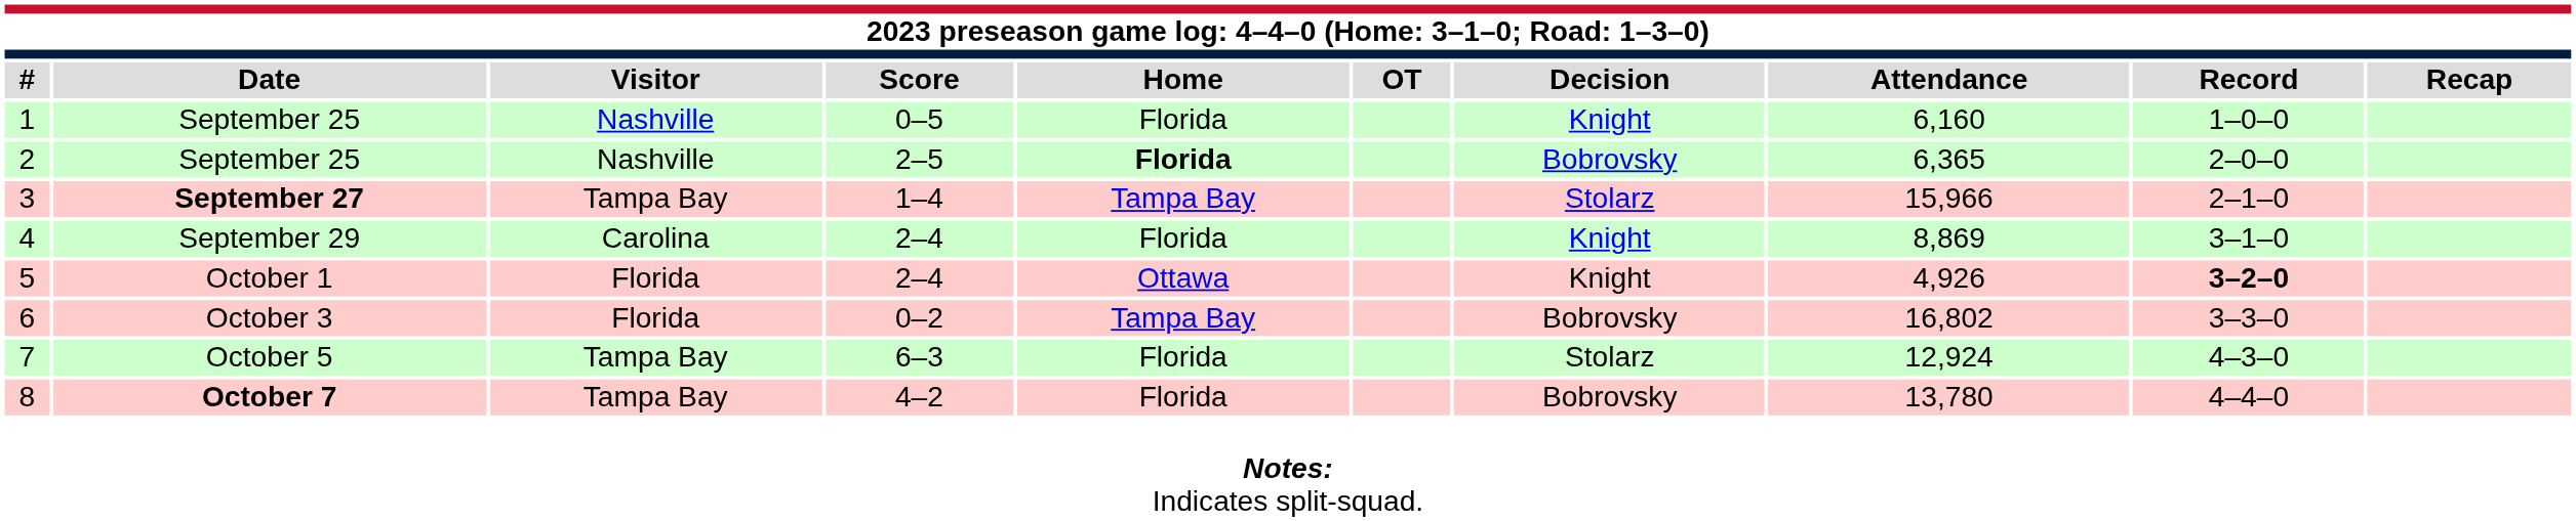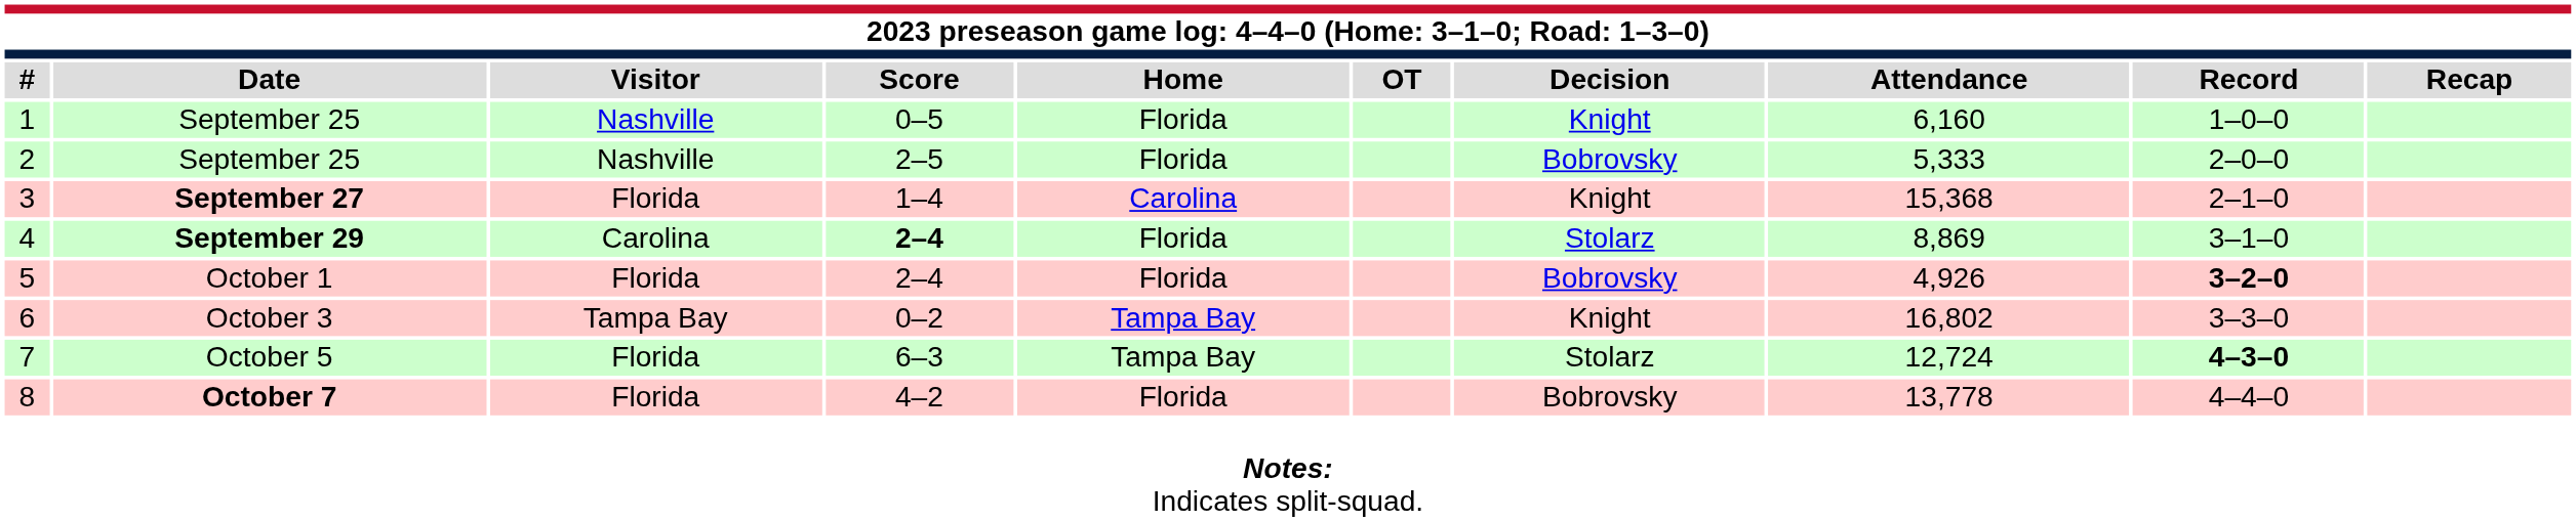 <table class="toccolours collapsible collapsed" style="width:90%; clear:both; margin:1.5em auto; text-align:center;">
 <tr>
 <th colspan="10" style="background:#FFFFFF; border-top:#C8102E 5px solid; border-bottom:#041E42 5px solid;">2023 preseason game log: 4–4–0 (Home: 3–1–0; Road: 1–3–0)</th>
 </tr>
 <tr style="background:#ddd;">
 <th>#</th>
 <th>Date</th>
 <th>Visitor</th>
 <th>Score</th>
 <th>Home</th>
 <th>OT</th>
 <th>Decision</th>
 <th>Attendance</th>
 <th>Record</th>
 <th>Recap</th>
 </tr>
 <tr style="background:#cfc;">
 <td>1</td>
 <td>September 25</td>
 <td><a href='#'>Nashville</a></td>
 <td>0–5</td>
 <td>Florida</td>
 <td></td>
 <td><a href='#'>Knight</a></td>
 <td>6,160</td>
 <td>1–0–0</td>
 <td></td>
 </tr>
 <tr style="background:#cfc;">
 <td>2</td>
 <td>September 25</td>
 <td>Nashville</td>
 <td>2–5</td>
-<td><strong>Florida</strong></td>
+<td>Florida</td>
 <td></td>
 <td><a href='#'>Bobrovsky</a></td>
-<td>6,365</td>
+<td>5,333</td>
 <td>2–0–0</td>
 <td></td>
 </tr>
 <tr style="background:#fcc;">
 <td>3</td>
 <td><strong>September 27</strong></td>
-<td>Tampa Bay</td>
+<td>Florida</td>
 <td>1–4</td>
-<td><a href='#'>Tampa Bay</a></td>
+<td><a href='#'>Carolina</a></td>
 <td></td>
-<td><a href='#'>Stolarz</a></td>
-<td>15,966</td>
+<td>Knight</td>
+<td>15,368</td>
 <td>2–1–0</td>
 <td></td>
 </tr>
 <tr style="background:#cfc;">
 <td>4</td>
-<td>September 29</td>
+<td><strong>September 29</strong></td>
 <td>Carolina</td>
-<td>2–4</td>
+<td><strong>2–4</strong></td>
 <td>Florida</td>
 <td></td>
-<td><a href='#'>Knight</a></td>
+<td><a href='#'>Stolarz</a></td>
 <td>8,869</td>
 <td>3–1–0</td>
 <td></td>
 </tr>
 <tr style="background:#fcc;">
 <td>5</td>
 <td>October 1</td>
 <td>Florida</td>
 <td>2–4</td>
-<td><a href='#'>Ottawa</a></td>
+<td>Florida</td>
 <td></td>
-<td>Knight</td>
+<td><a href='#'>Bobrovsky</a></td>
 <td>4,926</td>
 <td><strong>3–2–0</strong></td>
 <td></td>
 </tr>
 <tr style="background:#fcc;">
 <td>6</td>
 <td>October 3</td>
-<td>Florida</td>
+<td>Tampa Bay</td>
 <td>0–2</td>
 <td><a href='#'>Tampa Bay</a></td>
 <td></td>
-<td>Bobrovsky</td>
+<td>Knight</td>
 <td>16,802</td>
 <td>3–3–0</td>
 <td></td>
 </tr>
 <tr style="background:#cfc;">
 <td>7</td>
 <td>October 5</td>
+<td>Florida</td>
+<td>6–3</td>
 <td>Tampa Bay</td>
-<td>6–3</td>
-<td>Florida</td>
 <td></td>
 <td>Stolarz</td>
-<td>12,924</td>
-<td>4–3–0</td>
+<td>12,724</td>
+<td><strong>4–3–0</strong></td>
 <td></td>
 </tr>
 <tr style="background:#fcc;">
 <td>8</td>
 <td><strong>October 7</strong></td>
-<td>Tampa Bay</td>
+<td>Florida</td>
 <td>4–2</td>
 <td>Florida</td>
 <td></td>
 <td>Bobrovsky</td>
-<td>13,780</td>
+<td>13,778</td>
 <td>4–4–0</td>
 <td></td>
 </tr>
 <tr>
 <td colspan="10" style="text-align:center;"><br><strong><em>Notes:</em></strong><br>  Indicates split-squad.</td>
 </tr>
 </table>
